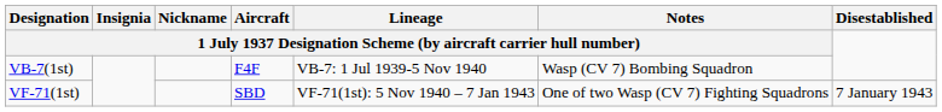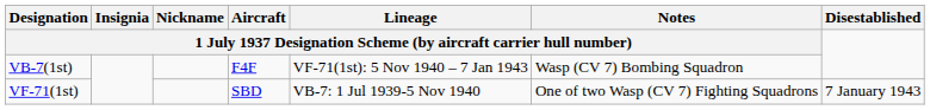 <table class="wikitable">
 <tr>
 <th>Designation</th>
 <th>Insignia</th>
 <th>Nickname</th>
 <th>Aircraft</th>
 <th>Lineage</th>
 <th>Notes</th>
 <th>Disestablished</th>
 </tr>
 <tr>
 <th colspan=6>1 July 1937 Designation Scheme (by aircraft carrier hull number)</th>
 </tr>
 <tr>
 <td><a href='#'>VB-7</a>(1st)</td>
 <td Rowspan="2"></td>
 <td></td>
 <td><a href='#'>F4F</a></td>
-<td>VB-7: 1 Jul 1939-5 Nov 1940</td>
+<td style="white-space: nowrap;">VF-71(1st): 5 Nov 1940 – 7 Jan 1943</td>
 <td>Wasp (CV 7) Bombing Squadron</td>
 </tr>
 <tr>
 <td><a href='#'>VF-71</a>(1st)</td>
 <td></td>
 <td><a href='#'>SBD</a></td>
-<td style="white-space: nowrap;">VF-71(1st): 5 Nov 1940 – 7 Jan 1943</td>
+<td>VB-7: 1 Jul 1939-5 Nov 1940</td>
 <td>One of two Wasp (CV 7) Fighting Squadrons</td>
 <td>7 January 1943</td>
 </tr>
 </table>
